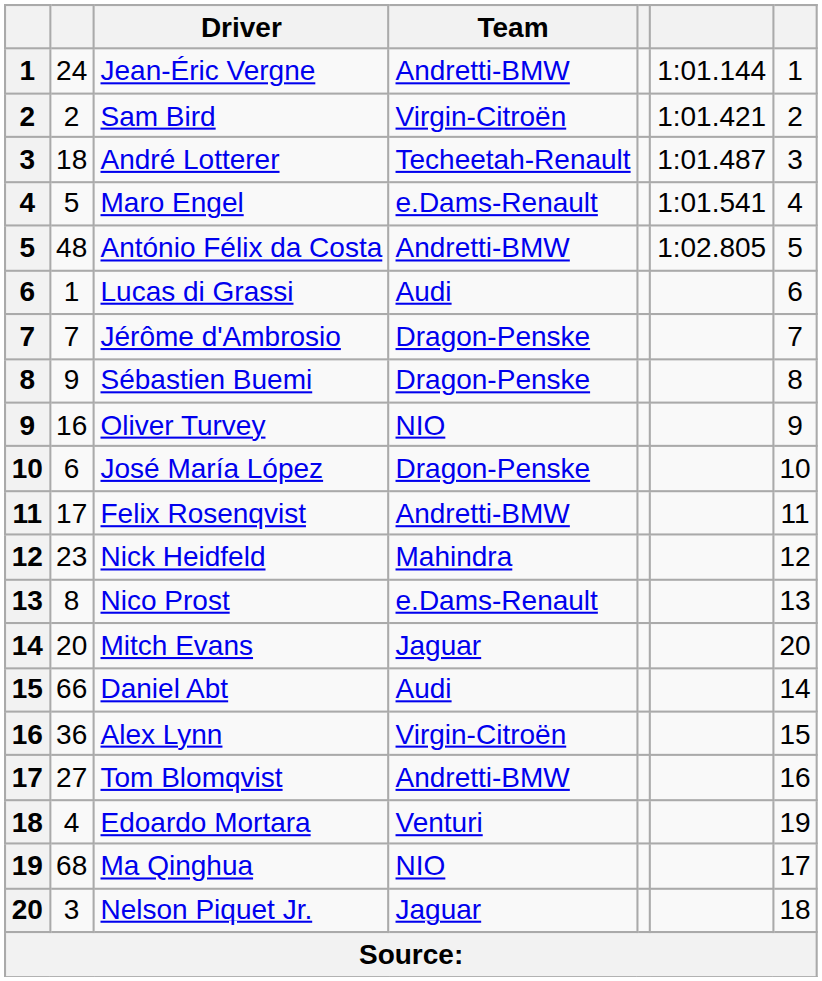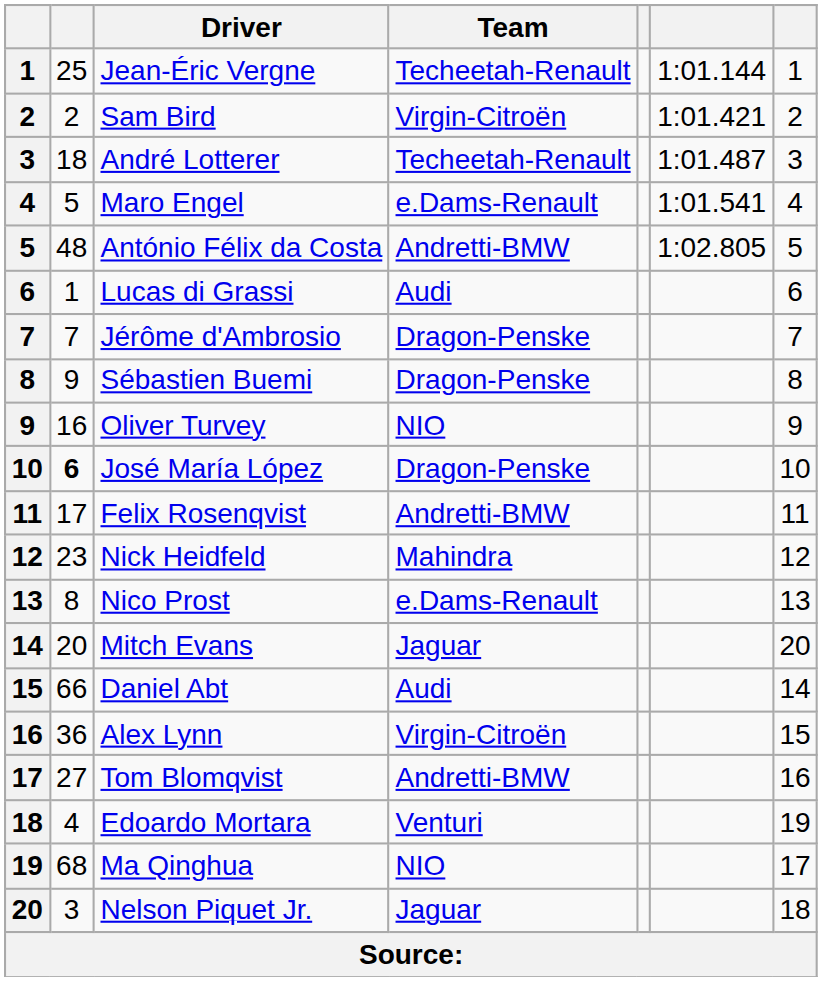 <table class="wikitable sortable" style="font-size: 85%">
 <tr>
 <th scope="col"></th>
 <th scope="col"></th>
 <th scope="col">Driver</th>
 <th scope="col">Team</th>
 <th scope="col"></th>
 <th scope="col"></th>
 <th scope="col"></th>
 </tr>
 <tr>
 <th scope="row">1</th>
-<td align="center">24</td>
+<td align="center">25</td>
 <td data-sort-value="VER"> <a href='#'>Jean-Éric Vergne</a></td>
-<td><a href='#'>Andretti-BMW</a></td>
+<td><a href='#'>Techeetah-Renault</a></td>
 <td></td>
 <td>1:01.144</td>
 <td align="center">1</td>
 </tr>
 <tr>
 <th scope="row">2</th>
 <td align="center">2</td>
 <td data-sort-value="BIR"> <a href='#'>Sam Bird</a></td>
 <td><a href='#'>Virgin-Citroën</a></td>
 <td></td>
 <td>1:01.421</td>
 <td align="center">2</td>
 </tr>
 <tr>
 <th scope="row">3</th>
 <td align="center">18</td>
 <td data-sort-value="LOT"> <a href='#'>André Lotterer</a></td>
 <td><a href='#'>Techeetah-Renault</a></td>
 <td></td>
 <td>1:01.487</td>
 <td align="center">3</td>
 </tr>
 <tr>
 <th scope="row">4</th>
 <td align="center">5</td>
 <td data-sort-value="ENG"> <a href='#'>Maro Engel</a></td>
 <td><a href='#'>e.Dams-Renault</a></td>
 <td></td>
 <td>1:01.541</td>
 <td align="center">4</td>
 </tr>
 <tr>
 <th scope="row">5</th>
 <td align="center">48</td>
 <td data-sort-value="FDC"> <a href='#'>António Félix da Costa</a></td>
 <td><a href='#'>Andretti-BMW</a></td>
 <td></td>
 <td>1:02.805</td>
 <td align="center">5</td>
 </tr>
 <tr>
 <th scope="row">6</th>
 <td align="center">1</td>
 <td data-sort-value="DIG"> <a href='#'>Lucas di Grassi</a></td>
 <td><a href='#'>Audi</a></td>
 <td></td>
 <td></td>
 <td align="center">6</td>
 </tr>
 <tr>
 <th scope="row">7</th>
 <td align="center">7</td>
 <td data-sort-value="DAM"> <a href='#'>Jérôme d'Ambrosio</a></td>
 <td><a href='#'>Dragon-Penske</a></td>
 <td></td>
 <td></td>
 <td align="center">7</td>
 </tr>
 <tr>
 <th scope="row">8</th>
 <td align="center">9</td>
 <td data-sort-value="BUE"> <a href='#'>Sébastien Buemi</a></td>
 <td><a href='#'>Dragon-Penske</a></td>
 <td></td>
 <td></td>
 <td align="center">8</td>
 </tr>
 <tr>
 <th scope="row">9</th>
 <td align="center">16</td>
 <td data-sort-value="TUR"> <a href='#'>Oliver Turvey</a></td>
 <td><a href='#'>NIO</a></td>
 <td></td>
 <td></td>
 <td align="center">9</td>
 </tr>
 <tr>
 <th scope="row">10</th>
-<td align="center">6</td>
+<td align="center"><strong>6</strong></td>
 <td data-sort-value="LOP"> <a href='#'>José María López</a></td>
 <td><a href='#'>Dragon-Penske</a></td>
 <td></td>
 <td></td>
 <td align="center">10</td>
 </tr>
 <tr>
 <th scope="row">11</th>
 <td align="center">17</td>
 <td data-sort-value="ROS"> <a href='#'>Felix Rosenqvist</a></td>
 <td><a href='#'>Andretti-BMW</a></td>
 <td></td>
 <td></td>
 <td align="center">11</td>
 </tr>
 <tr>
 <th scope="row">12</th>
 <td align="center">23</td>
 <td data-sort-value="HEI"> <a href='#'>Nick Heidfeld</a></td>
 <td><a href='#'>Mahindra</a></td>
 <td></td>
 <td></td>
 <td align="center">12</td>
 </tr>
 <tr>
 <th scope="row">13</th>
 <td align="center">8</td>
 <td data-sort-value="PRO"> <a href='#'>Nico Prost</a></td>
 <td><a href='#'>e.Dams-Renault</a></td>
 <td></td>
 <td></td>
 <td align="center">13</td>
 </tr>
 <tr>
 <th scope="row">14</th>
 <td align="center">20</td>
 <td data-sort-value="EVA"> <a href='#'>Mitch Evans</a></td>
 <td><a href='#'>Jaguar</a></td>
 <td></td>
 <td></td>
 <td align="center">20</td>
 </tr>
 <tr>
 <th scope="row">15</th>
 <td align="center">66</td>
 <td data-sort-value="ABT"> <a href='#'>Daniel Abt</a></td>
 <td><a href='#'>Audi</a></td>
 <td></td>
 <td></td>
 <td align="center">14</td>
 </tr>
 <tr>
 <th scope="row">16</th>
 <td align="center">36</td>
 <td data-sort-value="LYN"> <a href='#'>Alex Lynn</a></td>
 <td><a href='#'>Virgin-Citroën</a></td>
 <td></td>
 <td></td>
 <td align="center">15</td>
 </tr>
 <tr>
 <th scope="row">17</th>
 <td align="center">27</td>
 <td data-sort-value="BLO"> <a href='#'>Tom Blomqvist</a></td>
 <td><a href='#'>Andretti-BMW</a></td>
 <td></td>
 <td></td>
 <td align="center">16</td>
 </tr>
 <tr>
 <th scope="row">18</th>
 <td align="center">4</td>
 <td data-sort-value="MOR"> <a href='#'>Edoardo Mortara</a></td>
 <td><a href='#'>Venturi</a></td>
 <td></td>
 <td></td>
 <td align="center">19</td>
 </tr>
 <tr>
 <th scope="row">19</th>
 <td align="center">68</td>
 <td data-sort-value="MA"> <a href='#'>Ma Qinghua</a></td>
 <td><a href='#'>NIO</a></td>
 <td></td>
 <td></td>
 <td align="center">17</td>
 </tr>
 <tr>
 <th scope="row">20</th>
 <td align="center">3</td>
 <td data-sort-value="PIQ"> <a href='#'>Nelson Piquet Jr.</a></td>
 <td><a href='#'>Jaguar</a></td>
 <td></td>
 <td></td>
 <td align="center">18</td>
 </tr>
 <tr>
 <th colspan="7">Source:</th>
 </tr>
 <tr>
 </tr>
 </table>
